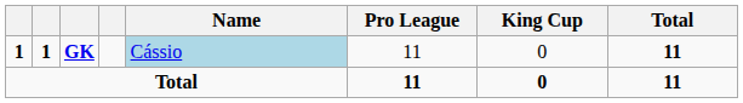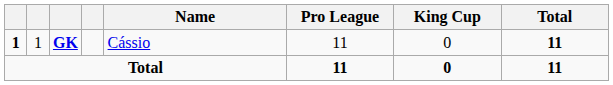 <table class="wikitable" style="text-align:center">
 <tr>
 <th width=15></th>
 <th width=15></th>
 <th width=15></th>
 <th width=15></th>
 <th width=175>Name</th>
 <th width=100>Pro League</th>
 <th width=100>King Cup</th>
 <th width=100>Total</th>
 </tr>
 <tr>
 <td><strong>1</strong></td>
-<td><strong>1</strong></td>
+<td>1</td>
 <td><strong><a href='#'>GK</a></strong></td>
 <td></td>
-<td align=left style="background: lightblue;"><a href='#'>Cássio</a></td>
+<td align=left><a href='#'>Cássio</a></td>
 <td>11</td>
 <td>0</td>
 <td><strong>11</strong></td>
 </tr>
 <tr>
 <td colspan=5><strong>Total</strong></td>
 <td><strong>11</strong></td>
 <td><strong>0</strong></td>
 <td><strong>11</strong></td>
 </tr>
 </table>
